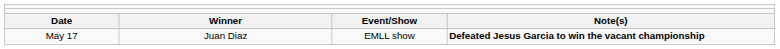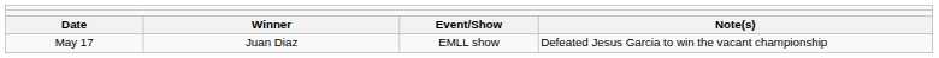 <table class="wikitable" style="text-align:center; width:100%;">
 <tr>
 <td colspan=5></td>
 </tr>
 <tr>
 <td colspan=5><strong></strong></td>
 </tr>
 <tr>
 <th width=14%>Date</th>
 <th width=26%>Winner</th>
 <th width=14%>Event/Show</th>
 <th width=40%>Note(s)</th>
 </tr>
 <tr>
 <td>May 17</td>
 <td>Juan Diaz</td>
 <td>EMLL show</td>
-<td align=left><strong>Defeated Jesus Garcia to win the vacant championship</strong></td>
+<td align=left>Defeated Jesus Garcia to win the vacant championship</td>
 </tr>
 </table>
